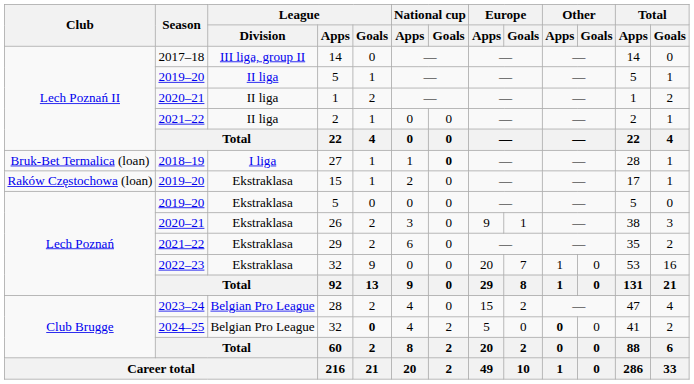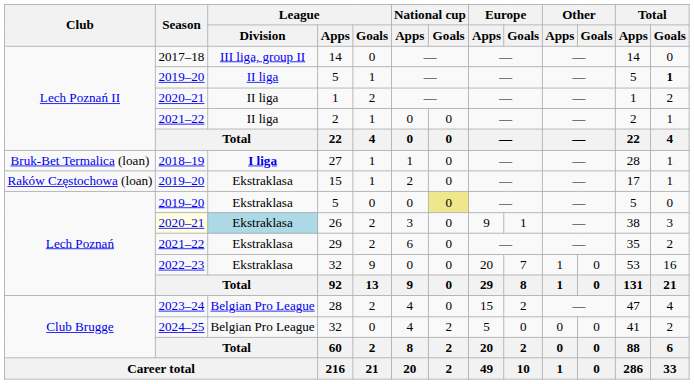 <table class="wikitable" style="text-align: center;">
 <tr>
 <th rowspan="2">Club</th>
 <th rowspan="2">Season</th>
 <th colspan="3">League</th>
 <th colspan="2">National cup</th>
 <th colspan="2">Europe</th>
 <th colspan="2">Other</th>
 <th colspan="2">Total</th>
 </tr>
 <tr>
 <th>Division</th>
 <th>Apps</th>
 <th>Goals</th>
 <th>Apps</th>
 <th>Goals</th>
 <th>Apps</th>
 <th>Goals</th>
 <th>Apps</th>
 <th>Goals</th>
 <th>Apps</th>
 <th>Goals</th>
 </tr>
 <tr>
 <td rowspan="5"><a href='#'>Lech Poznań II</a></td>
 <td>2017–18</td>
 <td><a href='#'>III liga, group II</a></td>
 <td>14</td>
 <td>0</td>
 <td colspan="2">—</td>
 <td colspan="2">—</td>
 <td colspan="2">—</td>
 <td>14</td>
 <td>0</td>
 </tr>
 <tr>
 <td><a href='#'>2019–20</a></td>
 <td><a href='#'>II liga</a></td>
 <td>5</td>
 <td>1</td>
 <td colspan="2">—</td>
 <td colspan="2">—</td>
 <td colspan="2">—</td>
 <td>5</td>
-<td>1</td>
+<td><strong>1</strong></td>
 </tr>
 <tr>
 <td><a href='#'>2020–21</a></td>
 <td>II liga</td>
 <td>1</td>
 <td>2</td>
 <td colspan="2">—</td>
 <td colspan="2">—</td>
 <td colspan="2">—</td>
 <td>1</td>
 <td>2</td>
 </tr>
 <tr>
 <td><a href='#'>2021–22</a></td>
 <td>II liga</td>
 <td>2</td>
 <td>1</td>
 <td>0</td>
 <td>0</td>
 <td colspan="2">—</td>
 <td colspan="2">—</td>
 <td>2</td>
 <td>1</td>
 </tr>
 <tr>
 <th colspan="2">Total</th>
 <th>22</th>
 <th>4</th>
 <th>0</th>
 <th>0</th>
 <th colspan="2">—</th>
 <th colspan="2">—</th>
 <th>22</th>
 <th>4</th>
 </tr>
 <tr>
 <td><a href='#'>Bruk-Bet Termalica</a> (loan)</td>
 <td><a href='#'>2018–19</a></td>
-<td><a href='#'>I liga</a></td>
+<td><strong><a href='#'>I liga</a></strong></td>
 <td>27</td>
 <td>1</td>
 <td>1</td>
-<td><strong>0</strong></td>
+<td>0</td>
 <td colspan="2">—</td>
 <td colspan="2">—</td>
 <td>28</td>
 <td>1</td>
 </tr>
 <tr>
 <td><a href='#'>Raków Częstochowa</a> (loan)</td>
 <td><a href='#'>2019–20</a></td>
 <td>Ekstraklasa</td>
 <td>15</td>
 <td>1</td>
 <td>2</td>
 <td>0</td>
 <td colspan="2">—</td>
 <td colspan="2">—</td>
 <td>17</td>
 <td>1</td>
 </tr>
 <tr>
 <td rowspan="5"><a href='#'>Lech Poznań</a></td>
 <td><a href='#'>2019–20</a></td>
 <td>Ekstraklasa</td>
 <td>5</td>
 <td>0</td>
 <td>0</td>
-<td>0</td>
+<td style="background: khaki;">0</td>
 <td colspan="2">—</td>
 <td colspan="2">—</td>
 <td>5</td>
 <td>0</td>
 </tr>
 <tr>
-<td><a href='#'>2020–21</a></td>
-<td>Ekstraklasa</td>
+<td style="background: lightyellow;"><a href='#'>2020–21</a></td>
+<td style="background: lightblue;">Ekstraklasa</td>
 <td>26</td>
 <td>2</td>
 <td>3</td>
 <td>0</td>
 <td>9</td>
 <td>1</td>
 <td colspan="2">—</td>
 <td>38</td>
 <td>3</td>
 </tr>
 <tr>
 <td><a href='#'>2021–22</a></td>
 <td>Ekstraklasa</td>
 <td>29</td>
 <td>2</td>
 <td>6</td>
 <td>0</td>
 <td colspan="2">—</td>
 <td colspan="2">—</td>
 <td>35</td>
 <td>2</td>
 </tr>
 <tr>
 <td><a href='#'>2022–23</a></td>
 <td>Ekstraklasa</td>
 <td>32</td>
 <td>9</td>
 <td>0</td>
 <td>0</td>
 <td>20</td>
 <td>7</td>
 <td>1</td>
 <td>0</td>
 <td>53</td>
 <td>16</td>
 </tr>
 <tr>
 <th colspan="2">Total</th>
 <th>92</th>
 <th>13</th>
 <th>9</th>
 <th>0</th>
 <th>29</th>
 <th>8</th>
 <th>1</th>
 <th>0</th>
 <th>131</th>
 <th>21</th>
 </tr>
 <tr>
 <td rowspan="3"><a href='#'>Club Brugge</a></td>
 <td><a href='#'>2023–24</a></td>
 <td><a href='#'>Belgian Pro League</a></td>
 <td>28</td>
 <td>2</td>
 <td>4</td>
 <td>0</td>
 <td>15</td>
 <td>2</td>
 <td colspan="2">—</td>
 <td>47</td>
 <td>4</td>
 </tr>
 <tr>
 <td><a href='#'>2024–25</a></td>
 <td>Belgian Pro League</td>
 <td>32</td>
-<td><strong>0</strong></td>
+<td>0</td>
 <td>4</td>
 <td>2</td>
 <td>5</td>
 <td>0</td>
-<td><strong>0</strong></td>
+<td>0</td>
 <td>0</td>
 <td>41</td>
 <td>2</td>
 </tr>
 <tr>
 <th colspan="2">Total</th>
 <th>60</th>
 <th>2</th>
 <th>8</th>
 <th>2</th>
 <th>20</th>
 <th>2</th>
 <th>0</th>
 <th>0</th>
 <th>88</th>
 <th>6</th>
 </tr>
 <tr>
 <th colspan="3">Career total</th>
 <th>216</th>
 <th>21</th>
 <th>20</th>
 <th>2</th>
 <th>49</th>
 <th>10</th>
 <th>1</th>
 <th>0</th>
 <th>286</th>
 <th>33</th>
 </tr>
 </table>
